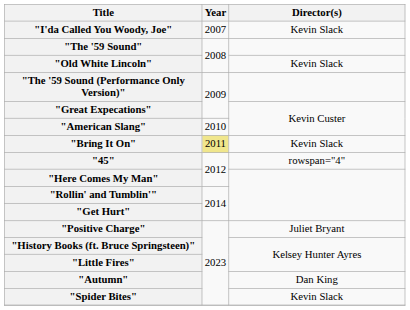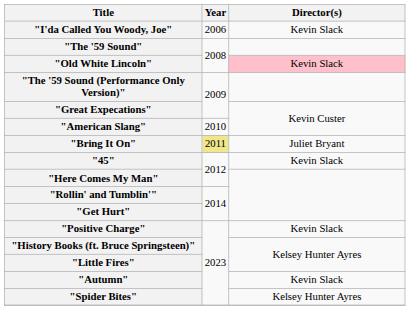 <table class="wikitable plainrowheaders" style="text-align:center;">
 <tr>
 <th scope="col" style="width:18em;">Title</th>
 <th scope="col">Year</th>
 <th scope="col" style="width:16em;">Director(s)</th>
 </tr>
 <tr>
 <th scope="row">"I'da Called You Woody, Joe"</th>
-<td>2007</td>
+<td>2006</td>
 <td>Kevin Slack</td>
 </tr>
 <tr>
 <th scope="row">"The '59 Sound"</th>
 <td rowspan="2">2008</td>
 <td></td>
 </tr>
 <tr>
 <th scope="row">"Old White Lincoln"</th>
-<td>Kevin Slack</td>
+<td style="background: pink;">Kevin Slack</td>
 </tr>
 <tr>
 <th scope="row">"The '59 Sound (Performance Only Version)"</th>
 <td rowspan="2">2009</td>
 <td></td>
 </tr>
 <tr>
 <th scope="row">"Great Expecations"</th>
 <td rowspan="2">Kevin Custer</td>
 </tr>
 <tr>
 <th scope="row">"American Slang"</th>
 <td>2010</td>
 </tr>
 <tr>
 <th scope="row">"Bring It On"</th>
 <td style="background: khaki;">2011</td>
-<td>Kevin Slack</td>
+<td>Juliet Bryant</td>
 </tr>
 <tr>
 <th scope="row">"45"</th>
 <td rowspan="2">2012</td>
-<td>rowspan="4" </td>
+<td>Kevin Slack</td>
 </tr>
 <tr>
 <th scope="row">"Here Comes My Man"</th>
 </tr>
 <tr>
 <th scope="row">"Rollin' and Tumblin'"</th>
 <td rowspan="2">2014</td>
 </tr>
 <tr>
 <th scope="row">"Get Hurt"</th>
 </tr>
 <tr>
 <th scope="row">"Positive Charge"</th>
 <td rowspan="5">2023</td>
-<td>Juliet Bryant</td>
+<td>Kevin Slack</td>
 </tr>
 <tr>
 <th scope="row">"History Books (ft. Bruce Springsteen)"</th>
 <td rowspan="2">Kelsey Hunter Ayres</td>
 </tr>
 <tr>
 <th scope="row">"Little Fires"</th>
 </tr>
 <tr>
 <th scope="row">"Autumn"</th>
-<td>Dan King</td>
+<td>Kevin Slack</td>
 </tr>
 <tr>
 <th scope="row">"Spider Bites"</th>
-<td>Kevin Slack</td>
+<td>Kelsey Hunter Ayres</td>
 </tr>
 <tr>
 </tr>
 </table>
